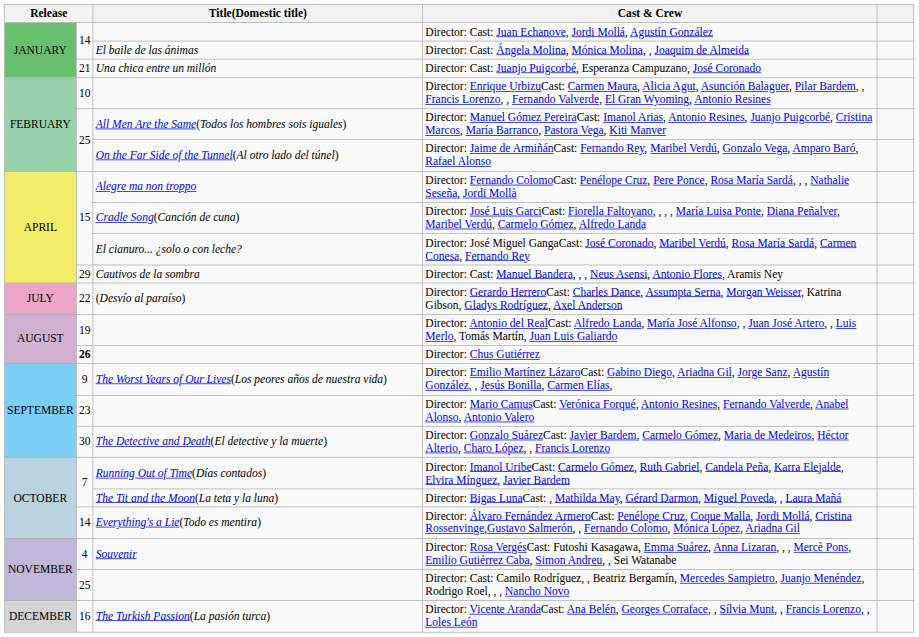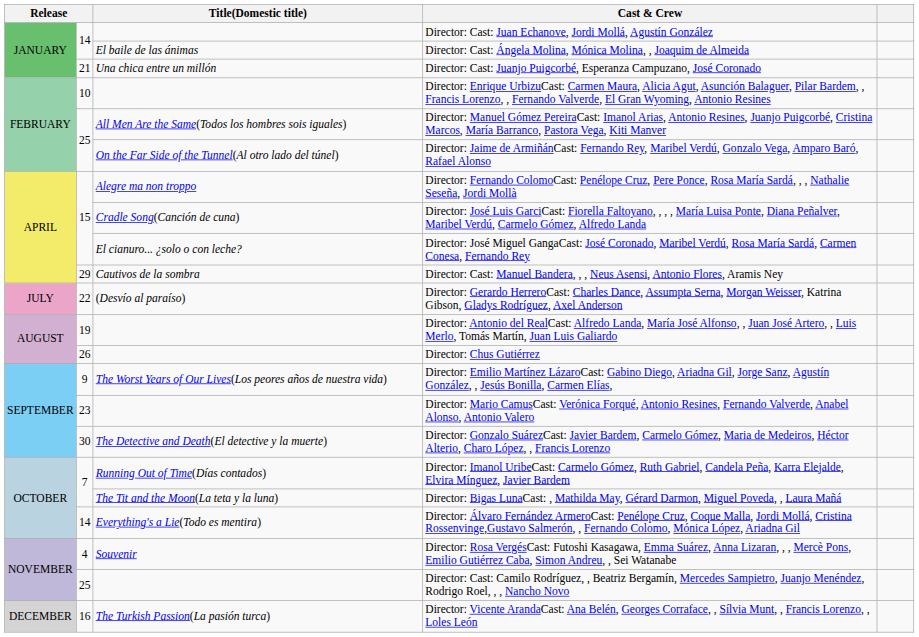 <table class="wikitable sortable" style="width:100%;">
 <tr>
 <th style="width:5%;" colspan = "2">Release</th>
 <th>Title(Domestic title)</th>
 <th style="width:50%;">Cast & Crew</th>
 <th style="width:4%;"></th>
 </tr>
 <tr>
 <td align = "center" rowspan = "3" bgcolor = #68bf6e>JANUARY</td>
 <td rowspan = "2" align = "center">14</td>
 <td><em></em></td>
 <td>Director: Cast: <a href='#'>Juan Echanove</a>, <a href='#'>Jordi Mollá</a>, <a href='#'>Agustín González</a></td>
 <td align = "center"></td>
 </tr>
 <tr>
 <td><em>El baile de las ánimas</em></td>
 <td>Director: Cast: <a href='#'>Ángela Molina</a>, <a href='#'>Mónica Molina</a>, , <a href='#'>Joaquim de Almeida</a></td>
 <td align = "center"></td>
 </tr>
 <tr>
 <td align = "center">21</td>
 <td><em>Una chica entre un millón</em></td>
 <td>Director: Cast: <a href='#'>Juanjo Puigcorbé</a>, Esperanza Campuzano, <a href='#'>José Coronado</a></td>
 <td align = "center"></td>
 </tr>
 <tr>
 <td rowspan = "3" align = "center" bgcolor = "#95d1ab">FEBRUARY</td>
 <td align = "center">10</td>
 <td><em></em></td>
 <td>Director: <a href='#'>Enrique Urbizu</a>Cast: <a href='#'>Carmen Maura</a>, <a href='#'>Alicia Agut</a>, <a href='#'>Asunción Balaguer</a>, <a href='#'>Pilar Bardem</a>, , <a href='#'>Francis Lorenzo</a>, , <a href='#'>Fernando Valverde</a>, <a href='#'>El Gran Wyoming</a>, <a href='#'>Antonio Resines</a></td>
 <td align = "center"></td>
 </tr>
 <tr>
 <td rowspan = "2" align = "center">25</td>
 <td><em><a href='#'>All Men Are the Same</a></em>(<em>Todos los hombres sois iguales</em>)</td>
 <td>Director: <a href='#'>Manuel Gómez Pereira</a>Cast: <a href='#'>Imanol Arias</a>, <a href='#'>Antonio Resines</a>, <a href='#'>Juanjo Puigcorbé</a>, <a href='#'>Cristina Marcos</a>, <a href='#'>María Barranco</a>, <a href='#'>Pastora Vega</a>, <a href='#'>Kiti Manver</a></td>
 <td align = "center"></td>
 </tr>
 <tr>
 <td><em><a href='#'>On the Far Side of the Tunnel</a></em>(<em>Al otro lado del túnel</em>)</td>
 <td>Director: <a href='#'>Jaime de Armiñán</a>Cast: <a href='#'>Fernando Rey</a>, <a href='#'>Maribel Verdú</a>, <a href='#'>Gonzalo Vega</a>, <a href='#'>Amparo Baró</a>, <a href='#'>Rafael Alonso</a></td>
 <td align = "center"></td>
 </tr>
 <tr>
 <td align = "center" rowspan = "4" bgcolor = "f3ec6a">APRIL</td>
 <td rowspan = "3" align = "center">15</td>
 <td><em><a href='#'>Alegre ma non troppo</a></em></td>
 <td>Director: <a href='#'>Fernando Colomo</a>Cast: <a href='#'>Penélope Cruz</a>, <a href='#'>Pere Ponce</a>, <a href='#'>Rosa María Sardá</a>, , , <a href='#'>Nathalie Seseña</a>, <a href='#'>Jordi Mollà</a></td>
 <td align = "center"></td>
 </tr>
 <tr>
 <td><em><a href='#'>Cradle Song</a></em>(<em>Canción de cuna</em>)</td>
 <td>Director: <a href='#'>José Luis Garci</a>Cast: <a href='#'>Fiorella Faltoyano</a>, , , , <a href='#'>María Luisa Ponte</a>, <a href='#'>Diana Peñalver</a>, <a href='#'>Maribel Verdú</a>, <a href='#'>Carmelo Gómez</a>, <a href='#'>Alfredo Landa</a></td>
 <td align = "center"></td>
 </tr>
 <tr>
 <td><em>El cianuro... ¿solo o con leche?</em></td>
 <td>Director: José Miguel GangaCast: <a href='#'>José Coronado</a>, <a href='#'>Maribel Verdú</a>, <a href='#'>Rosa María Sardá</a>, <a href='#'>Carmen Conesa</a>, <a href='#'>Fernando Rey</a></td>
 <td align = "center"></td>
 </tr>
 <tr>
 <td align = "center">29</td>
 <td><em>Cautivos de la sombra</em></td>
 <td>Director: Cast: <a href='#'>Manuel Bandera</a>, , , <a href='#'>Neus Asensi</a>, <a href='#'>Antonio Flores</a>, Aramis Ney</td>
 <td align = "center"></td>
 </tr>
 <tr>
 <td rowspan = "1" align = "center" bgcolor = "#eba5c9">JULY</td>
 <td align = "center">22</td>
 <td><em></em>(<em>Desvío al paraíso</em>)</td>
 <td>Director: <a href='#'>Gerardo Herrero</a>Cast: <a href='#'>Charles Dance</a>, <a href='#'>Assumpta Serna</a>, <a href='#'>Morgan Weisser</a>, Katrina Gibson, <a href='#'>Gladys Rodríguez</a>, <a href='#'>Axel Anderson</a></td>
 <td align = "center"></td>
 </tr>
 <tr>
 <td rowspan = "2" align = "center" bgcolor = "#d2b0d1">AUGUST</td>
 <td align = "center">19</td>
 <td><em></em></td>
 <td>Director: <a href='#'>Antonio del Real</a>Cast: <a href='#'>Alfredo Landa</a>, <a href='#'>María José Alfonso</a>, , <a href='#'>Juan José Artero</a>, , <a href='#'>Luis Merlo</a>, Tomás Martín, <a href='#'>Juan Luis Galiardo</a></td>
 <td align = "center"></td>
 </tr>
 <tr>
-<td align = "center"><strong>26</strong></td>
+<td align = "center">26</td>
 <td><em></em></td>
 <td>Director: <a href='#'>Chus Gutiérrez</a></td>
 <td align = "center"></td>
 </tr>
 <tr>
 <td align = "center" rowspan = "3" bgcolor = "#7bcff4">SEPTEMBER</td>
 <td align = "center">9</td>
 <td><em><a href='#'>The Worst Years of Our Lives</a></em>(<em>Los peores años de nuestra vida</em>)</td>
 <td>Director: <a href='#'>Emilio Martínez Lázaro</a>Cast: <a href='#'>Gabino Diego</a>, <a href='#'>Ariadna Gil</a>, <a href='#'>Jorge Sanz</a>, <a href='#'>Agustín González</a>, , <a href='#'>Jesús Bonilla</a>, <a href='#'>Carmen Elías</a>, </td>
 <td align = "center"></td>
 </tr>
 <tr>
 <td align = "center">23</td>
 <td><em></em></td>
 <td>Director: <a href='#'>Mario Camus</a>Cast: <a href='#'>Verónica Forqué</a>, <a href='#'>Antonio Resines</a>, <a href='#'>Fernando Valverde</a>, <a href='#'>Anabel Alonso</a>, <a href='#'>Antonio Valero</a></td>
 <td align = "center"></td>
 </tr>
 <tr>
 <td align = "center">30</td>
 <td><em><a href='#'>The Detective and Death</a></em>(<em>El detective y la muerte</em>)</td>
 <td>Director: <a href='#'>Gonzalo Suárez</a>Cast: <a href='#'>Javier Bardem</a>, <a href='#'>Carmelo Gómez</a>, <a href='#'>Maria de Medeiros</a>, <a href='#'>Héctor Alterio</a>, <a href='#'>Charo López</a>, , <a href='#'>Francis Lorenzo</a></td>
 <td align = "center"></td>
 </tr>
 <tr>
 <td align = "center" rowspan = "3" bgcolor = "#b9d4e">OCTOBER</td>
 <td rowspan = "2" align = "center">7</td>
 <td><em><a href='#'>Running Out of Time</a></em>(<em>Días contados</em>)</td>
 <td>Director: <a href='#'>Imanol Uribe</a>Cast: <a href='#'>Carmelo Gómez</a>, <a href='#'>Ruth Gabriel</a>, <a href='#'>Candela Peña</a>, <a href='#'>Karra Elejalde</a>, <a href='#'>Elvira Mínguez</a>, <a href='#'>Javier Bardem</a></td>
 <td align = "center"></td>
 </tr>
 <tr>
 <td><em><a href='#'>The Tit and the Moon</a></em>(<em>La teta y la luna</em>)</td>
 <td>Director: <a href='#'>Bigas Luna</a>Cast: , <a href='#'>Mathilda May</a>, <a href='#'>Gérard Darmon</a>, <a href='#'>Miguel Poveda</a>, , <a href='#'>Laura Mañá</a></td>
 <td align = "center"></td>
 </tr>
 <tr>
 <td align = "center">14</td>
 <td><em><a href='#'>Everything's a Lie</a></em>(<em>Todo es mentira</em>)</td>
 <td>Director: <a href='#'>Álvaro Fernández Armero</a>Cast: <a href='#'>Penélope Cruz</a>, <a href='#'>Coque Malla</a>, <a href='#'>Jordi Mollá</a>, <a href='#'>Cristina Rossenvinge</a>,<a href='#'>Gustavo Salmerón</a>, , <a href='#'>Fernando Colomo</a>, <a href='#'>Mónica López</a>, <a href='#'>Ariadna Gil</a></td>
 <td align = "center"></td>
 </tr>
 <tr>
 <td align = "center" rowspan = "2" bgcolor = "#bfb8d9">NOVEMBER</td>
 <td align = "center">4</td>
 <td><em><a href='#'>Souvenir</a></em></td>
 <td>Director: <a href='#'>Rosa Vergés</a>Cast: Futoshi Kasagawa, <a href='#'>Emma Suárez</a>, <a href='#'>Anna Lizaran</a>, , , <a href='#'>Mercè Pons</a>, <a href='#'>Emilio Gutiérrez Caba</a>, <a href='#'>Simon Andreu</a>, , Sei Watanabe</td>
 <td align = "center"></td>
 </tr>
 <tr>
 <td align = "center">25</td>
 <td><em></em></td>
 <td>Director: Cast: Camilo Rodríguez, , Beatriz Bergamín, <a href='#'>Mercedes Sampietro</a>, <a href='#'>Juanjo Menéndez</a>, Rodrigo Roel, , , <a href='#'>Nancho Novo</a></td>
 <td align = "center"></td>
 </tr>
 <tr>
 <td align = "center" rowspan = "1" bgcolor = "#d4d4d4">DECEMBER</td>
 <td align = "center">16</td>
 <td><em><a href='#'>The Turkish Passion</a></em>(<em>La pasión turca</em>)</td>
 <td>Director: <a href='#'>Vicente Aranda</a>Cast: <a href='#'>Ana Belén</a>, <a href='#'>Georges Corraface</a>,  , <a href='#'>Sílvia Munt</a>, , <a href='#'>Francis Lorenzo</a>, , <a href='#'>Loles León</a></td>
 <td align = "center"></td>
 </tr>
 </table>
